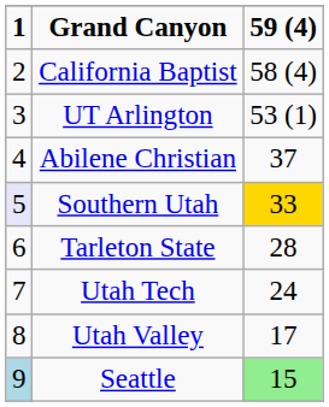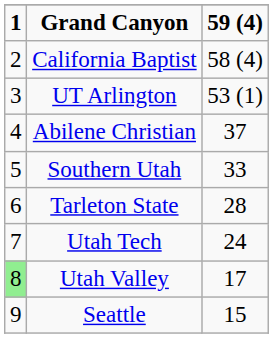 <table class="wikitable">
 <tr align=center>
 </tr>
 <tr align="center">
 <td><strong>1</strong></td>
 <td><strong>Grand Canyon</strong></td>
 <td><strong>59 (4)</strong></td>
 </tr>
 <tr align="center">
 <td>2</td>
 <td><a href='#'>California Baptist</a></td>
 <td>58 (4)</td>
 </tr>
 <tr align="center">
 <td>3</td>
 <td><a href='#'>UT Arlington</a></td>
 <td>53 (1)</td>
 </tr>
 <tr align="center">
 <td>4</td>
 <td><a href='#'>Abilene Christian</a></td>
 <td>37</td>
 </tr>
 <tr align="center">
-<td style="background: lavender;">5</td>
+<td>5</td>
 <td><a href='#'>Southern Utah</a></td>
-<td style="background: gold;">33</td>
+<td>33</td>
 </tr>
 <tr align="center">
 <td>6</td>
 <td><a href='#'>Tarleton State</a></td>
 <td>28</td>
 </tr>
 <tr align="center">
 <td>7</td>
 <td><a href='#'>Utah Tech</a></td>
 <td>24</td>
 </tr>
 <tr align="center">
-<td>8</td>
+<td style="background: lightgreen;">8</td>
 <td><a href='#'>Utah Valley</a></td>
 <td>17</td>
 </tr>
 <tr align="center">
-<td style="background: lightblue;">9</td>
+<td>9</td>
 <td><a href='#'>Seattle</a></td>
-<td style="background: lightgreen;">15</td>
+<td>15</td>
 </tr>
 </table>
